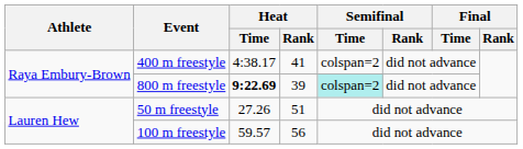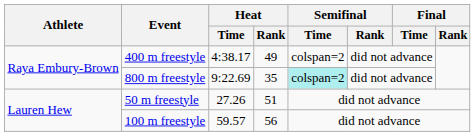 <table class="wikitable" style="text-align:center; font-size:90%">
 <tr>
 <th rowspan="2">Athlete</th>
 <th rowspan="2">Event</th>
 <th colspan="2">Heat</th>
 <th colspan="2">Semifinal</th>
 <th colspan="2">Final</th>
 </tr>
 <tr style="font-size:95%">
 <th>Time</th>
 <th>Rank</th>
 <th>Time</th>
 <th>Rank</th>
 <th>Time</th>
 <th>Rank</th>
 </tr>
 <tr>
 <td align=left rowspan=2><a href='#'>Raya Embury-Brown</a></td>
 <td align=left><a href='#'>400 m freestyle</a></td>
 <td>4:38.17</td>
-<td>41</td>
+<td>49</td>
 <td>colspan=2 </td>
 <td colspan=2>did not advance</td>
 </tr>
 <tr>
 <td align=left><a href='#'>800 m freestyle</a></td>
-<td><strong>9:22.69</strong></td>
-<td>39</td>
+<td>9:22.69</td>
+<td>35</td>
 <td style="background: paleturquoise;">colspan=2 </td>
 <td colspan=2>did not advance</td>
 </tr>
 <tr>
 <td align=left rowspan=2><a href='#'>Lauren Hew</a></td>
 <td align=left><a href='#'>50 m freestyle</a></td>
 <td>27.26</td>
 <td>51</td>
 <td colspan=4>did not advance</td>
 </tr>
 <tr>
 <td align=left><a href='#'>100 m freestyle</a></td>
 <td>59.57</td>
 <td>56</td>
 <td colspan=4>did not advance</td>
 </tr>
 </table>
